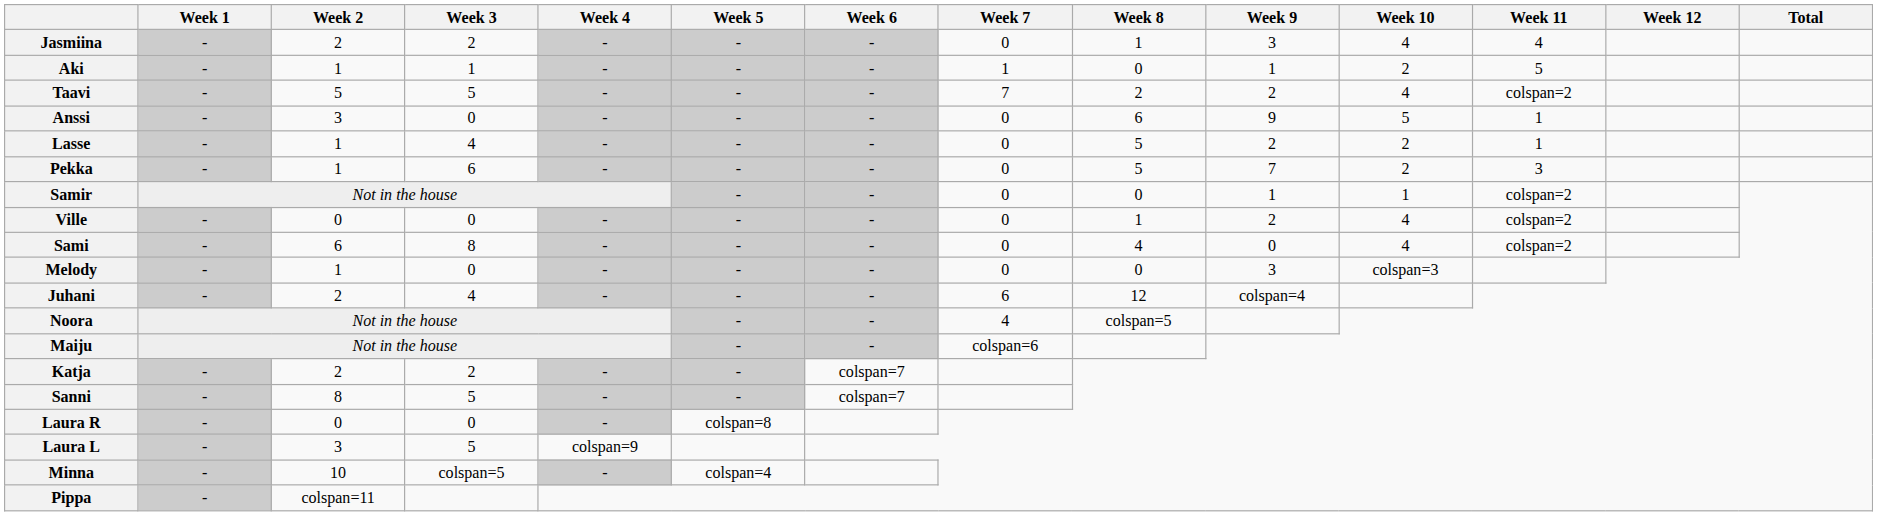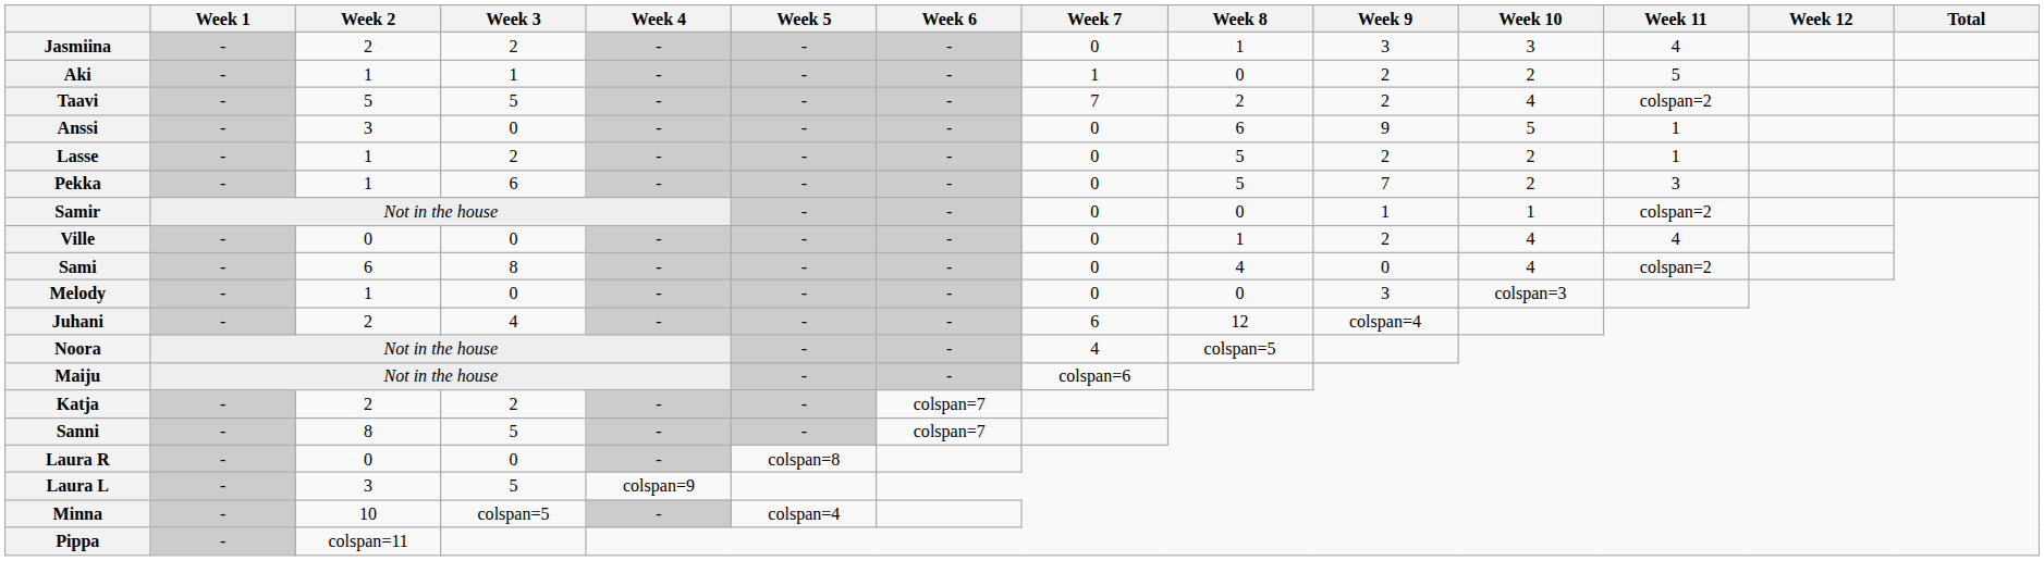 <table class="wikitable" style="font-size:85%; text-align:center; line-height:15px; width:100%;">
 <tr>
 <th style="width: 5%;"></th>
 <th style="width: 5%;">Week 1</th>
 <th style="width: 5%;">Week 2</th>
 <th style="width: 5%;">Week 3</th>
 <th style="width: 5%;">Week 4</th>
 <th style="width: 5%;">Week 5</th>
 <th style="width: 5%;">Week 6</th>
 <th style="width: 5%;">Week 7</th>
 <th style="width: 5%;">Week 8</th>
 <th style="width: 5%;">Week 9</th>
 <th style="width: 5%;">Week 10</th>
 <th style="width: 5%;">Week 11</th>
 <th style="width: 5%;">Week 12</th>
 <th style="width: 5%;">Total</th>
 </tr>
 <tr>
 <th>Jasmiina</th>
 <td style="background:#CCC">-</td>
 <td>2</td>
 <td>2</td>
 <td style="background:#CCC"><em>-</em></td>
 <td style="background:#CCC"><em>-</em></td>
 <td style="background:#CCC"><em>-</em></td>
 <td>0</td>
 <td>1</td>
 <td>3</td>
-<td>4</td>
+<td>3</td>
 <td>4</td>
 <td></td>
 <td></td>
 </tr>
 <tr>
 <th>Aki</th>
 <td style="background:#CCC">-</td>
 <td>1</td>
 <td>1</td>
 <td style="background:#CCC"><em>-</em></td>
 <td style="background:#CCC"><em>-</em></td>
 <td style="background:#CCC"><em>-</em></td>
 <td>1</td>
 <td>0</td>
-<td>1</td>
+<td>2</td>
 <td>2</td>
 <td>5</td>
 <td></td>
 <td></td>
 </tr>
 <tr>
 <th>Taavi</th>
 <td style="background:#CCC">-</td>
 <td>5</td>
 <td>5</td>
 <td style="background:#CCC"><em>-</em></td>
 <td style="background:#CCC"><em>-</em></td>
 <td style="background:#CCC"><em>-</em></td>
 <td>7</td>
 <td>2</td>
 <td>2</td>
 <td>4</td>
 <td>colspan=2 </td>
 <td></td>
 <td></td>
 </tr>
 <tr>
 <th>Anssi</th>
 <td style="background:#CCC">-</td>
 <td>3</td>
 <td>0</td>
 <td style="background:#CCC"><em>-</em></td>
 <td style="background:#CCC"><em>-</em></td>
 <td style="background:#CCC"><em>-</em></td>
 <td>0</td>
 <td>6</td>
 <td>9</td>
 <td>5</td>
 <td>1</td>
 <td></td>
 <td></td>
 </tr>
 <tr>
 <th>Lasse</th>
 <td style="background:#CCC">-</td>
 <td>1</td>
-<td>4</td>
+<td>2</td>
 <td style="background:#CCC"><em>-</em></td>
 <td style="background:#CCC"><em>-</em></td>
 <td style="background:#CCC"><em>-</em></td>
 <td>0</td>
 <td>5</td>
 <td>2</td>
 <td>2</td>
 <td>1</td>
 <td></td>
 <td></td>
 </tr>
 <tr>
 <th>Pekka</th>
 <td style="background:#CCC">-</td>
 <td>1</td>
 <td>6</td>
 <td style="background:#CCC"><em>-</em></td>
 <td style="background:#CCC"><em>-</em></td>
 <td style="background:#CCC"><em>-</em></td>
 <td>0</td>
 <td>5</td>
 <td>7</td>
 <td>2</td>
 <td>3</td>
 <td></td>
 <td></td>
 </tr>
 <tr>
 <th>Samir</th>
 <td colspan=4 style="background:#EEE"><em>Not in the house</em></td>
 <td style="background:#CCC"><em>-</em></td>
 <td style="background:#CCC"><em>-</em></td>
 <td>0</td>
 <td>0</td>
 <td>1</td>
 <td>1</td>
 <td>colspan=2 </td>
 <td></td>
 </tr>
 <tr>
 <th>Ville</th>
 <td style="background:#CCC">-</td>
 <td>0</td>
 <td>0</td>
 <td style="background:#CCC"><em>-</em></td>
 <td style="background:#CCC"><em>-</em></td>
 <td style="background:#CCC"><em>-</em></td>
 <td>0</td>
 <td>1</td>
 <td>2</td>
 <td>4</td>
-<td>colspan=2 </td>
+<td>4</td>
 <td></td>
 </tr>
 <tr>
 <th>Sami</th>
 <td style="background:#CCC">-</td>
 <td>6</td>
 <td>8</td>
 <td style="background:#CCC"><em>-</em></td>
 <td style="background:#CCC"><em>-</em></td>
 <td style="background:#CCC"><em>-</em></td>
 <td>0</td>
 <td>4</td>
 <td>0</td>
 <td>4</td>
 <td>colspan=2 </td>
 <td></td>
 </tr>
 <tr>
 <th>Melody</th>
 <td style="background:#CCC">-</td>
 <td>1</td>
 <td>0</td>
 <td style="background:#CCC"><em>-</em></td>
 <td style="background:#CCC"><em>-</em></td>
 <td style="background:#CCC"><em>-</em></td>
 <td>0</td>
 <td>0</td>
 <td>3</td>
 <td>colspan=3 </td>
 <td></td>
 </tr>
 <tr>
 <th>Juhani</th>
 <td style="background:#CCC">-</td>
 <td>2</td>
 <td>4</td>
 <td style="background:#CCC"><em>-</em></td>
 <td style="background:#CCC"><em>-</em></td>
 <td style="background:#CCC"><em>-</em></td>
 <td>6</td>
 <td>12</td>
 <td>colspan=4 </td>
 <td></td>
 </tr>
 <tr>
 <th>Noora</th>
 <td colspan=4 style="background:#EEE"><em>Not in the house</em></td>
 <td style="background:#CCC"><em>-</em></td>
 <td style="background:#CCC"><em>-</em></td>
 <td>4</td>
 <td>colspan=5 </td>
 <td></td>
 </tr>
 <tr>
 <th>Maiju</th>
 <td colspan=4 style="background:#EEE"><em>Not in the house</em></td>
 <td style="background:#CCC"><em>-</em></td>
 <td style="background:#CCC"><em>-</em></td>
 <td>colspan=6 </td>
 <td></td>
 </tr>
 <tr>
 <th>Katja</th>
 <td style="background:#CCC">-</td>
 <td>2</td>
 <td>2</td>
 <td style="background:#CCC"><em>-</em></td>
 <td style="background:#CCC"><em>-</em></td>
 <td>colspan=7 </td>
 <td></td>
 </tr>
 <tr>
 <th>Sanni</th>
 <td style="background:#CCC">-</td>
 <td>8</td>
 <td>5</td>
 <td style="background:#CCC"><em>-</em></td>
 <td style="background:#CCC"><em>-</em></td>
 <td>colspan=7 </td>
 <td></td>
 </tr>
 <tr>
 <th>Laura R</th>
 <td style="background:#CCC">-</td>
 <td>0</td>
 <td>0</td>
 <td style="background:#CCC"><em>-</em></td>
 <td>colspan=8 </td>
 <td></td>
 </tr>
 <tr>
 <th>Laura L</th>
 <td style="background:#CCC">-</td>
 <td>3</td>
 <td>5</td>
 <td>colspan=9 </td>
 <td></td>
 </tr>
 <tr>
 <th>Minna</th>
 <td style="background:#CCC">-</td>
 <td>10</td>
 <td>colspan=5 </td>
 <td style="background:#CCC"><em>-</em></td>
 <td>colspan=4 </td>
 <td></td>
 </tr>
 <tr>
 <th>Pippa</th>
 <td style="background:#CCC">-</td>
 <td>colspan=11 </td>
 <td></td>
 </tr>
 </table>
